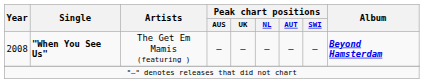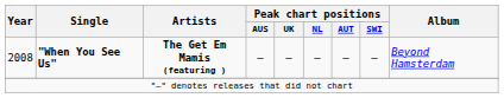 <table class="wikitable" style="text-align:center;">
 <tr>
 <th rowspan="2">Year</th>
 <th rowspan="2">Single</th>
 <th rowspan="2">Artists</th>
 <th colspan="5">Peak chart positions</th>
 <th rowspan="2">Album</th>
 </tr>
 <tr style="font-size:smaller;">
 <th style="width:30px;">AUS</th>
 <th style="width:30px;">UK</th>
 <th style="width:30px;"><a href='#'>NL</a></th>
 <th style="width:30px;"><a href='#'>AUT</a></th>
 <th style="width:30px;"><a href='#'>SWI</a></th>
 </tr>
 <tr>
 <td>2008</td>
 <td style="text-align:left;"><strong>"When You See Us"</strong></td>
-<td>The Get Em Mamis <br><small>(featuring )</small></td>
+<td><strong>The Get Em Mamis <br><small>(featuring )</small></strong></td>
 <td>—</td>
 <td>—</td>
 <td>—</td>
 <td>—</td>
 <td>—</td>
-<td style="text-align:left;"><strong><em><a href='#'>Beyond Hamsterdam</a></em></strong></td>
+<td style="text-align:left;"><em><a href='#'>Beyond Hamsterdam</a></em></td>
 </tr>
 <tr>
 </tr>
 <tr>
 <td colspan="10" style="font-size:8pt">"—" denotes releases that did not chart</td>
 </tr>
 </table>
